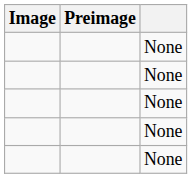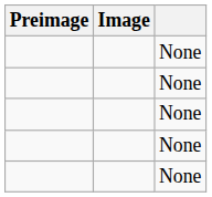 <table class="wikitable">
 <tr>
+<th>Preimage</th>
 <th>Image</th>
-<th>Preimage</th>
 <th></th>
 </tr>
 <tr>
 <td style="padding: 0.5em 0.8em 0.5em 1.5em;"></td>
 <td style="padding: 0.5em 0.8em 0.5em 1.5em;"></td>
 <td>None</td>
 </tr>
 <tr>
 <td style="padding: 0.5em 0.8em 0.5em 1.5em;"></td>
 <td style="padding: 0.5em 0.8em 0.5em 1.5em;"></td>
 <td>None</td>
 </tr>
 <tr>
 <td style="padding: 0.5em 0.8em 0.5em 1.5em;"></td>
 <td style="padding: 0.5em 0.8em 0.5em 1.5em;"></td>
 <td>None</td>
 </tr>
 <tr>
 <td style="padding: 0.5em 0.8em 0.5em 1.5em;"></td>
 <td style="padding: 0.5em 0.8em 0.5em 1.5em;"></td>
 <td>None</td>
 </tr>
 <tr>
 <td style="padding: 0.5em 0.8em 0.5em 1.5em;"></td>
 <td style="padding: 0.5em 0.8em 0.5em 1.5em;"></td>
 <td>None</td>
 </tr>
 </table>
